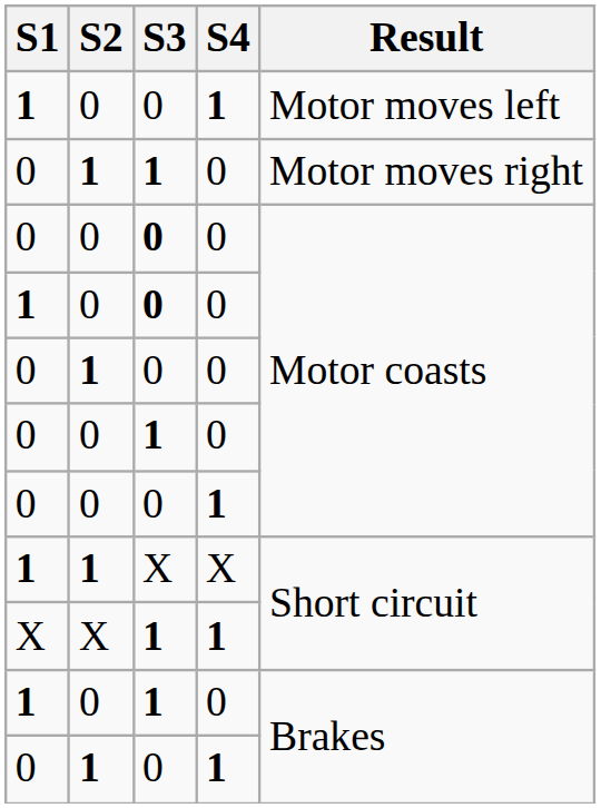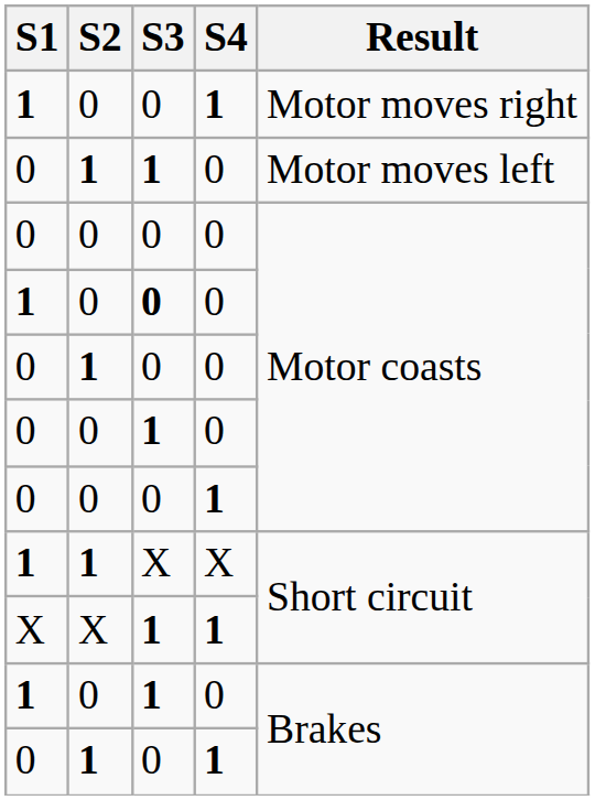 <table class="wikitable">
 <tr>
 <th>S1</th>
 <th>S2</th>
 <th>S3</th>
 <th>S4</th>
 <th><strong>Result</strong></th>
 </tr>
 <tr>
 <td><strong>1</strong></td>
 <td>0</td>
 <td>0</td>
 <td><strong>1</strong></td>
-<td>Motor moves left</td>
+<td>Motor moves right</td>
 </tr>
 <tr>
 <td>0</td>
 <td><strong>1</strong></td>
 <td><strong>1</strong></td>
 <td>0</td>
-<td>Motor moves right</td>
+<td>Motor moves left</td>
 </tr>
 <tr>
 <td>0</td>
 <td>0</td>
-<td><strong>0</strong></td>
+<td>0</td>
 <td>0</td>
 <td rowspan="5">Motor coasts</td>
 </tr>
 <tr>
 <td><strong>1</strong></td>
 <td>0</td>
 <td><strong>0</strong></td>
 <td>0</td>
 </tr>
 <tr>
 <td>0</td>
 <td><strong>1</strong></td>
 <td>0</td>
 <td>0</td>
 </tr>
 <tr>
 <td>0</td>
 <td>0</td>
 <td><strong>1</strong></td>
 <td>0</td>
 </tr>
 <tr>
 <td>0</td>
 <td>0</td>
 <td>0</td>
 <td><strong>1</strong></td>
 </tr>
 <tr>
 <td><strong>1</strong></td>
 <td><strong>1</strong></td>
 <td>X</td>
 <td>X</td>
 <td rowspan="2">Short circuit</td>
 </tr>
 <tr>
 <td>X</td>
 <td>X</td>
 <td><strong>1</strong></td>
 <td><strong>1</strong></td>
 </tr>
 <tr>
 <td><strong>1</strong></td>
 <td>0</td>
 <td><strong>1</strong></td>
 <td>0</td>
 <td rowspan="2">Brakes</td>
 </tr>
 <tr>
 <td>0</td>
 <td><strong>1</strong></td>
 <td>0</td>
 <td><strong>1</strong></td>
 </tr>
 </table>
